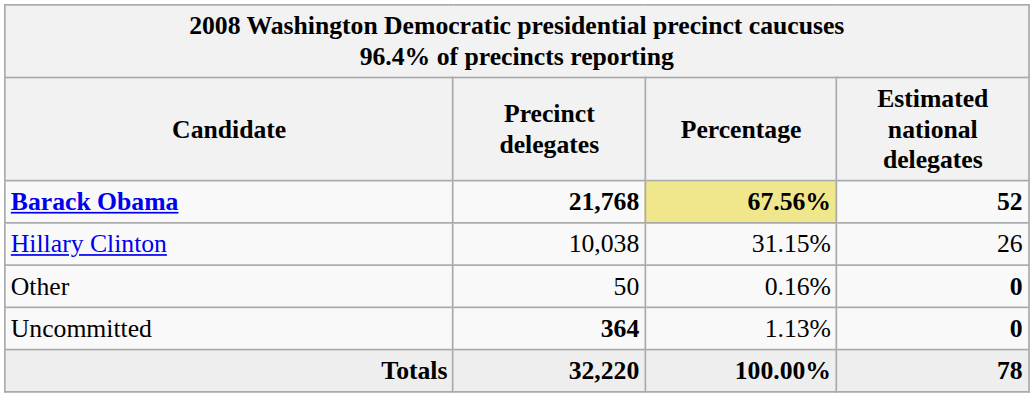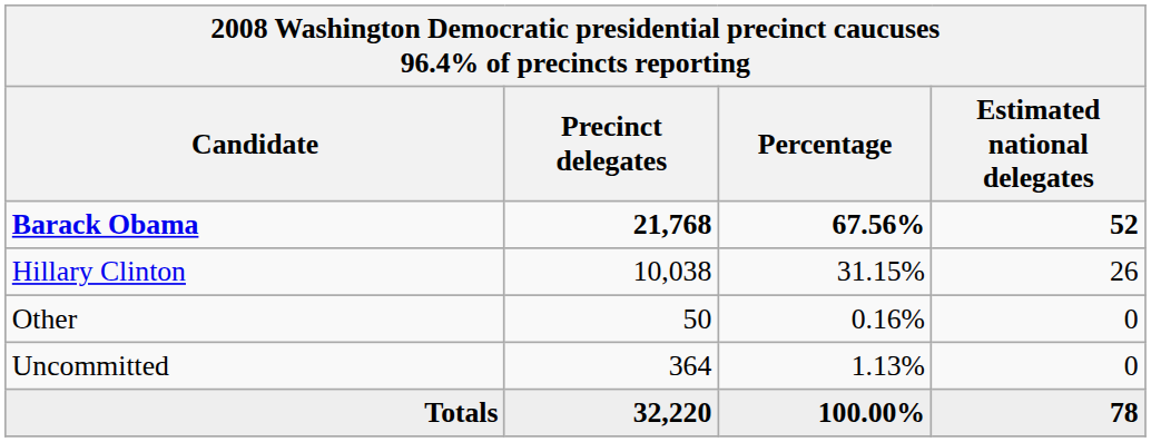 <table class="wikitable" style="font-size: 95%; text-align:right;">
 <tr>
 <th colspan="4">2008 Washington Democratic presidential precinct caucuses<br>96.4% of precincts reporting</th>
 </tr>
 <tr>
 <th style="width: 17em">Candidate</th>
 <th style="width: 7em">Precinct delegates</th>
 <th style="width: 7em">Percentage</th>
 <th style="width: 7em">Estimated national delegates</th>
 </tr>
 <tr>
 <td align="left"><strong><a href='#'>Barack Obama</a></strong></td>
 <td><strong>21,768</strong></td>
-<td style="background: khaki;"><strong>67.56%</strong></td>
+<td><strong>67.56%</strong></td>
 <td><strong>52</strong></td>
 </tr>
 <tr>
 <td align="left"><a href='#'>Hillary Clinton</a></td>
 <td>10,038</td>
 <td>31.15%</td>
 <td>26</td>
 </tr>
 <tr>
 <td align="left">Other</td>
 <td>50</td>
 <td>0.16%</td>
-<td><strong>0</strong></td>
+<td>0</td>
 </tr>
 <tr>
 <td align="left">Uncommitted</td>
-<td><strong>364</strong></td>
+<td>364</td>
 <td>1.13%</td>
-<td><strong>0</strong></td>
+<td>0</td>
 </tr>
 <tr bgcolor="#EEEEEE" style="margin-right:0.5em">
 <td><strong>Totals</strong></td>
 <td><strong>32,220</strong></td>
 <td><strong>100.00%</strong></td>
 <td><strong>78</strong></td>
 </tr>
 </table>
